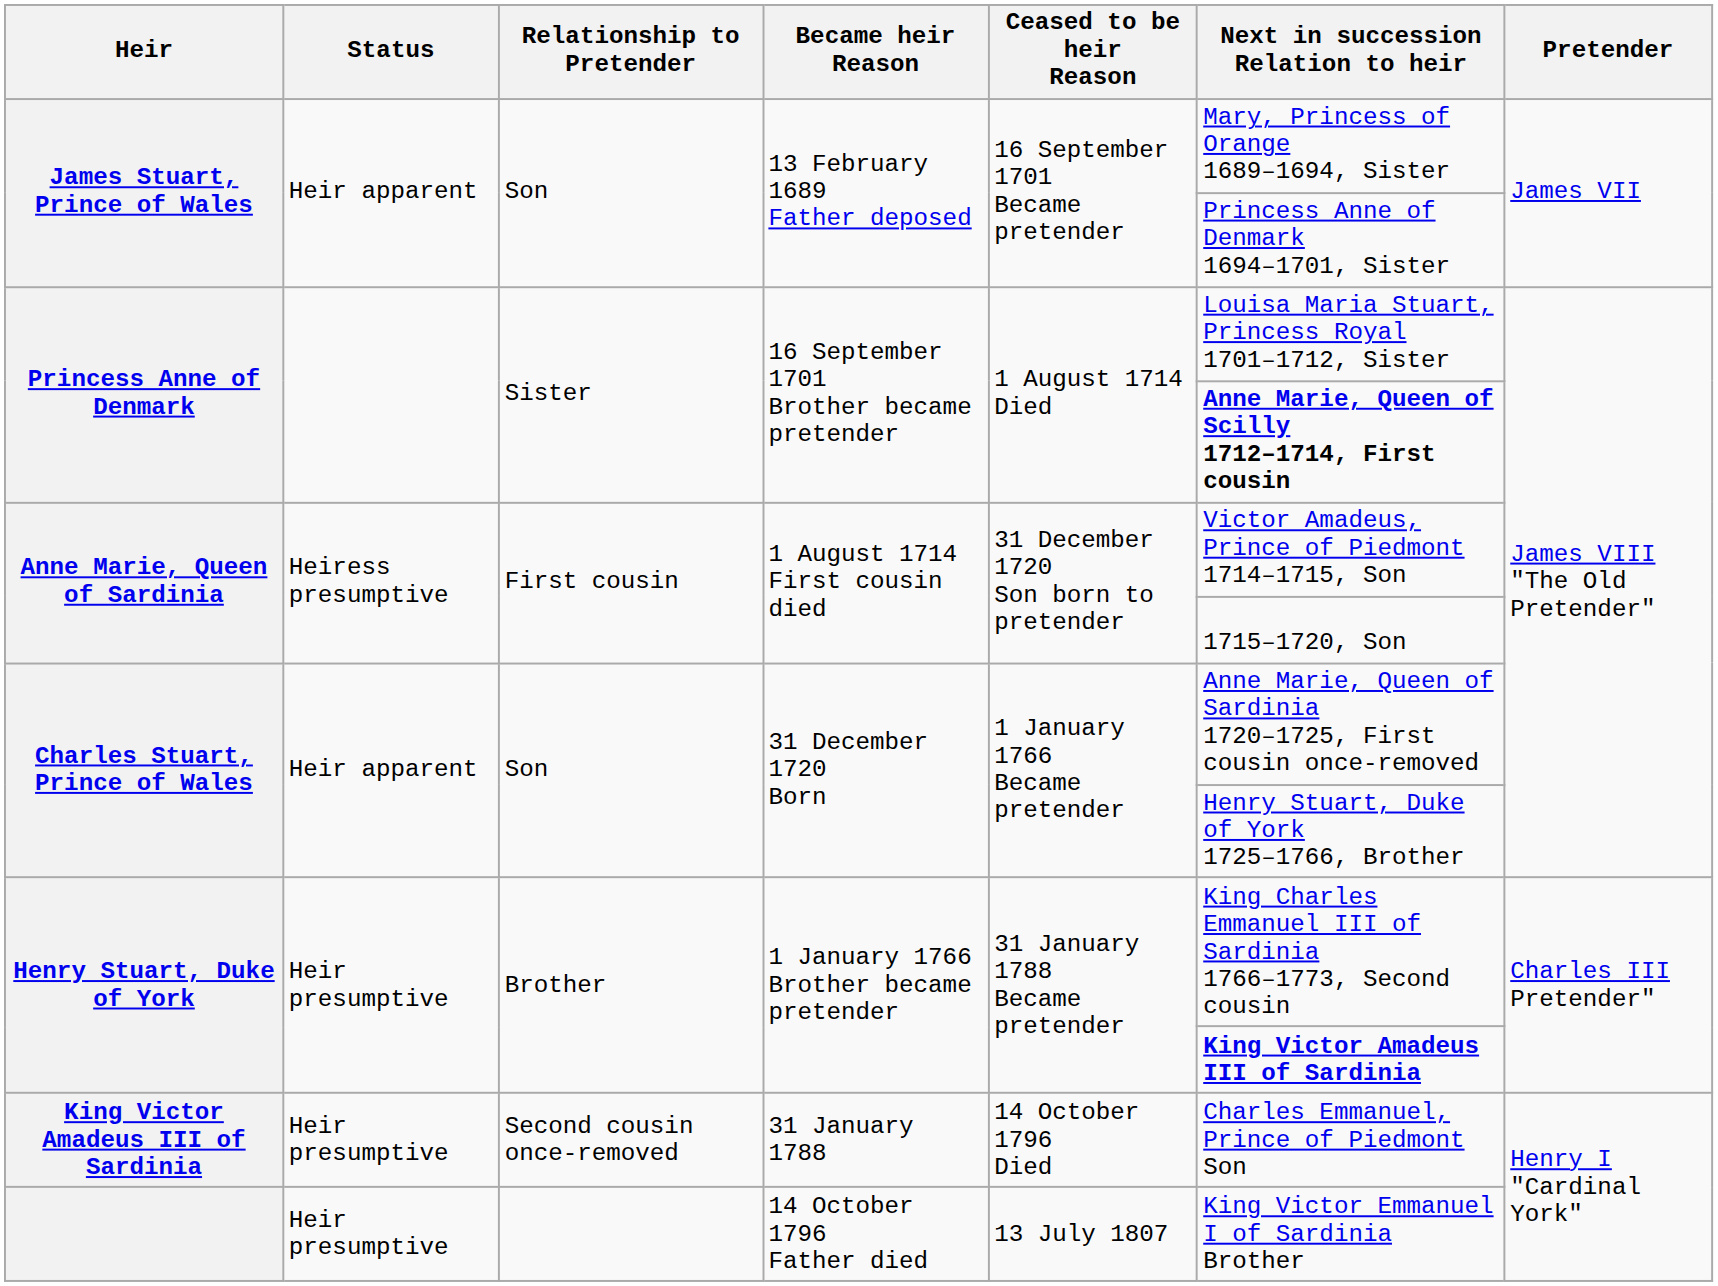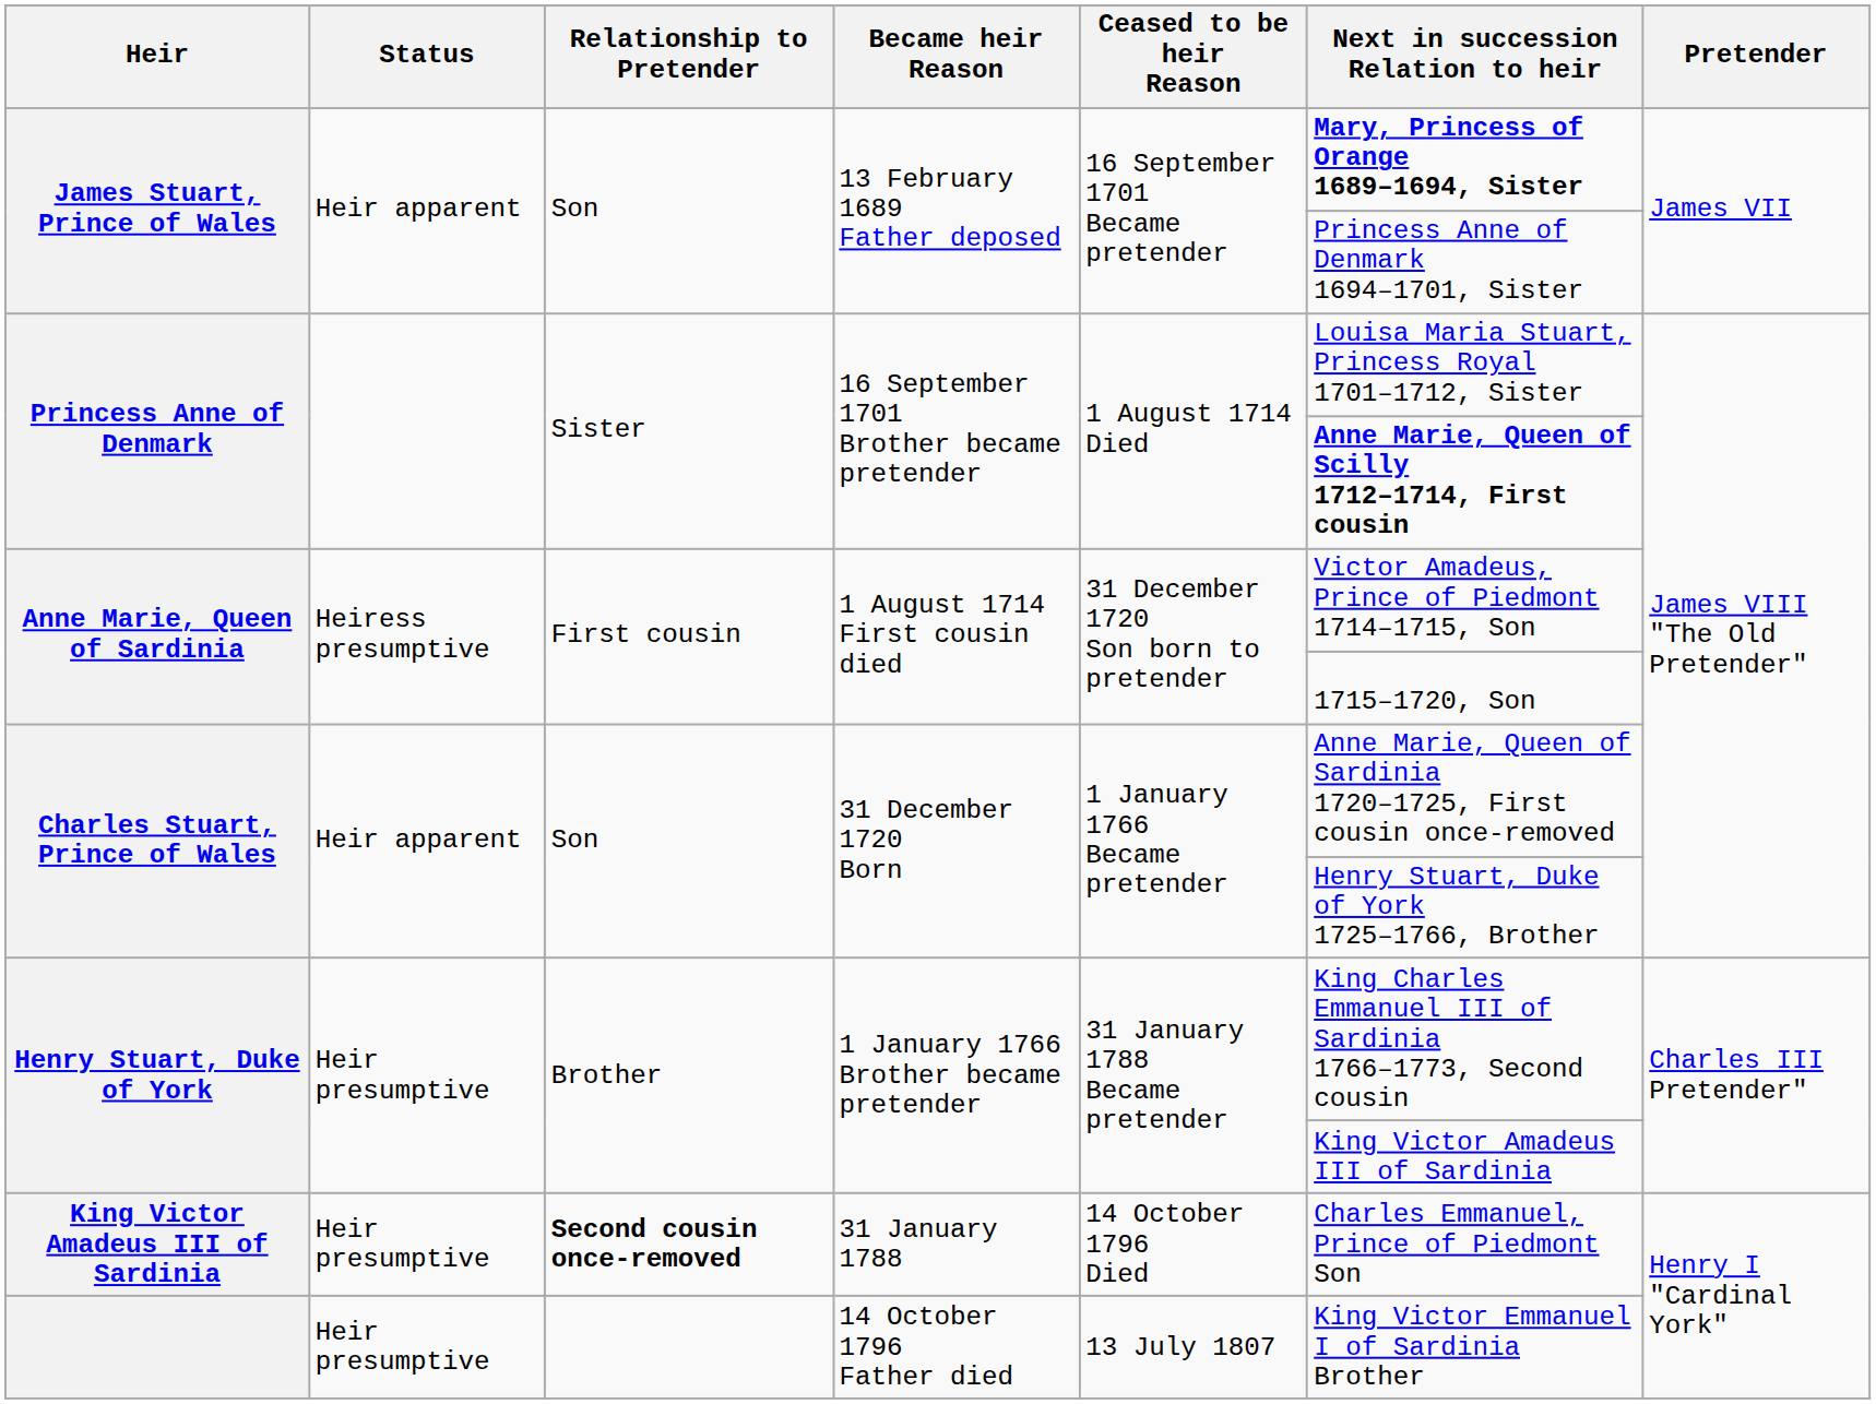 <table class="wikitable" style="font-size:95%">
 <tr>
 <th>Heir</th>
 <th>Status</th>
 <th>Relationship to Pretender</th>
 <th>Became heir<br>Reason</th>
 <th>Ceased to be heir<br>Reason</th>
 <th>Next in succession<br>Relation to heir</th>
 <th>Pretender</th>
 </tr>
 <tr>
 <th rowspan=2><a href='#'>James Stuart, Prince of Wales</a></th>
 <td rowspan=2>Heir apparent</td>
 <td rowspan=2>Son</td>
 <td rowspan=2>13 February 1689<br><a href='#'>Father deposed</a></td>
 <td rowspan=2>16 September 1701<br>Became pretender</td>
-<td><a href='#'>Mary, Princess of Orange</a><br>1689–1694, Sister</td>
+<td><strong><a href='#'>Mary, Princess of Orange</a><br>1689–1694, Sister</strong></td>
 <td rowspan=2><a href='#'>James VII</a></td>
 </tr>
 <tr>
 <td><a href='#'>Princess Anne of Denmark</a><br>1694–1701, Sister</td>
 </tr>
 <tr>
 <th rowspan=2><a href='#'>Princess Anne of Denmark</a></th>
 <td rowspan=2></td>
 <td rowspan=2>Sister</td>
 <td rowspan=2>16 September 1701<br>Brother became pretender</td>
 <td rowspan=2>1 August 1714<br>Died</td>
 <td><a href='#'>Louisa Maria Stuart, Princess Royal</a><br>1701–1712, Sister</td>
 <td rowspan=6><a href='#'>James VIII</a><br>"The Old Pretender"</td>
 </tr>
 <tr>
 <td><strong><a href='#'>Anne Marie, Queen of Scilly</a><br>1712–1714, First cousin</strong></td>
 </tr>
 <tr>
 <th rowspan=2><a href='#'>Anne Marie, Queen of Sardinia</a></th>
 <td rowspan=2>Heiress presumptive</td>
 <td rowspan=2>First cousin</td>
 <td rowspan=2>1 August 1714<br>First cousin died</td>
 <td rowspan=2>31 December 1720<br>Son born to pretender</td>
 <td><a href='#'>Victor Amadeus, Prince of Piedmont</a><br>1714–1715, Son</td>
 </tr>
 <tr>
 <td><br>1715–1720, Son</td>
 </tr>
 <tr>
 <th rowspan=2><a href='#'>Charles Stuart, Prince of Wales</a></th>
 <td rowspan=2>Heir apparent</td>
 <td rowspan=2>Son</td>
 <td rowspan=2>31 December 1720<br>Born</td>
 <td rowspan=2>1 January 1766<br>Became pretender</td>
 <td><a href='#'>Anne Marie, Queen of Sardinia</a><br>1720–1725, First cousin once-removed</td>
 </tr>
 <tr>
 <td><a href='#'>Henry Stuart, Duke of York</a><br>1725–1766, Brother</td>
 </tr>
 <tr>
 <th rowspan=2><a href='#'>Henry Stuart, Duke of York</a></th>
 <td rowspan=2>Heir presumptive</td>
 <td rowspan=2>Brother</td>
 <td rowspan=2>1 January 1766<br>Brother became pretender</td>
 <td rowspan=2>31 January 1788<br>Became pretender</td>
 <td><a href='#'>King Charles Emmanuel III of Sardinia</a><br>1766–1773, Second cousin</td>
 <td rowspan=2><a href='#'>Charles III</a><br> Pretender"</td>
 </tr>
 <tr>
-<td><strong><a href='#'>King Victor Amadeus III of Sardinia</a><br></strong></td>
+<td><a href='#'>King Victor Amadeus III of Sardinia</a><br></td>
 </tr>
 <tr>
 <th><a href='#'>King Victor Amadeus III of Sardinia</a></th>
 <td>Heir presumptive</td>
-<td>Second cousin once-removed</td>
+<td><strong>Second cousin once-removed</strong></td>
 <td>31 January 1788<br></td>
 <td>14 October 1796<br>Died</td>
 <td><a href='#'>Charles Emmanuel, Prince of Piedmont</a><br>Son</td>
 <td rowspan=2><a href='#'>Henry I</a><br>"Cardinal York"</td>
 </tr>
 <tr>
 <th></th>
 <td>Heir presumptive</td>
 <td></td>
 <td>14 October 1796<br>Father died</td>
 <td>13 July 1807<br></td>
 <td><a href='#'>King Victor Emmanuel I of Sardinia</a><br>Brother</td>
 </tr>
 </table>
